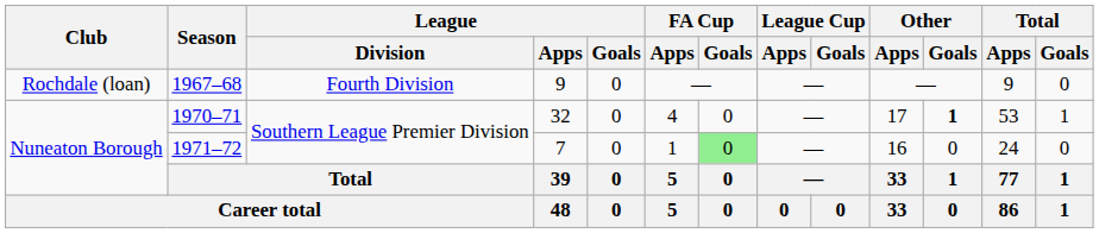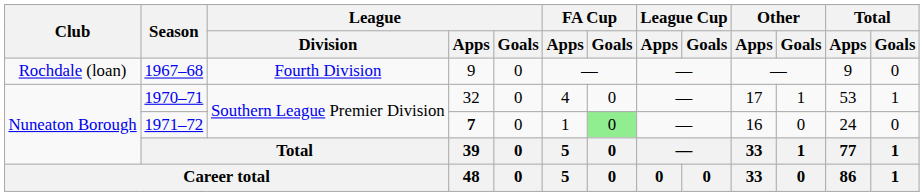 <table class="wikitable" style="text-align: center;">
 <tr>
 <th rowspan="2">Club</th>
 <th rowspan="2">Season</th>
 <th colspan="3">League</th>
 <th colspan="2">FA Cup</th>
 <th colspan="2">League Cup</th>
 <th colspan="2">Other</th>
 <th colspan="2">Total</th>
 </tr>
 <tr>
 <th>Division</th>
 <th>Apps</th>
 <th>Goals</th>
 <th>Apps</th>
 <th>Goals</th>
 <th>Apps</th>
 <th>Goals</th>
 <th>Apps</th>
 <th>Goals</th>
 <th>Apps</th>
 <th>Goals</th>
 </tr>
 <tr>
 <td><a href='#'>Rochdale</a> (loan)</td>
 <td><a href='#'>1967–68</a></td>
 <td><a href='#'>Fourth Division</a></td>
 <td>9</td>
 <td>0</td>
 <td colspan="2">—</td>
 <td colspan="2">—</td>
 <td colspan="2">—</td>
 <td>9</td>
 <td>0</td>
 </tr>
 <tr>
 <td rowspan="3"><a href='#'>Nuneaton Borough</a></td>
 <td><a href='#'>1970–71</a></td>
 <td rowspan="2"><a href='#'>Southern League</a> Premier Division</td>
 <td>32</td>
 <td>0</td>
 <td>4</td>
 <td>0</td>
 <td colspan="2">—</td>
 <td>17</td>
-<td><strong>1</strong></td>
+<td>1</td>
 <td>53</td>
 <td>1</td>
 </tr>
 <tr>
 <td><a href='#'>1971–72</a></td>
-<td>7</td>
+<td><strong>7</strong></td>
 <td>0</td>
 <td>1</td>
 <td style="background: lightgreen;">0</td>
 <td colspan="2">—</td>
 <td>16</td>
 <td>0</td>
 <td>24</td>
 <td>0</td>
 </tr>
 <tr>
 <th colspan="2">Total</th>
 <th>39</th>
 <th>0</th>
 <th>5</th>
 <th>0</th>
 <th colspan="2">—</th>
 <th>33</th>
 <th>1</th>
 <th>77</th>
 <th>1</th>
 </tr>
 <tr>
 <th colspan="3">Career total</th>
 <th>48</th>
 <th>0</th>
 <th>5</th>
 <th>0</th>
 <th>0</th>
 <th>0</th>
 <th>33</th>
 <th>0</th>
 <th>86</th>
 <th>1</th>
 </tr>
 </table>
